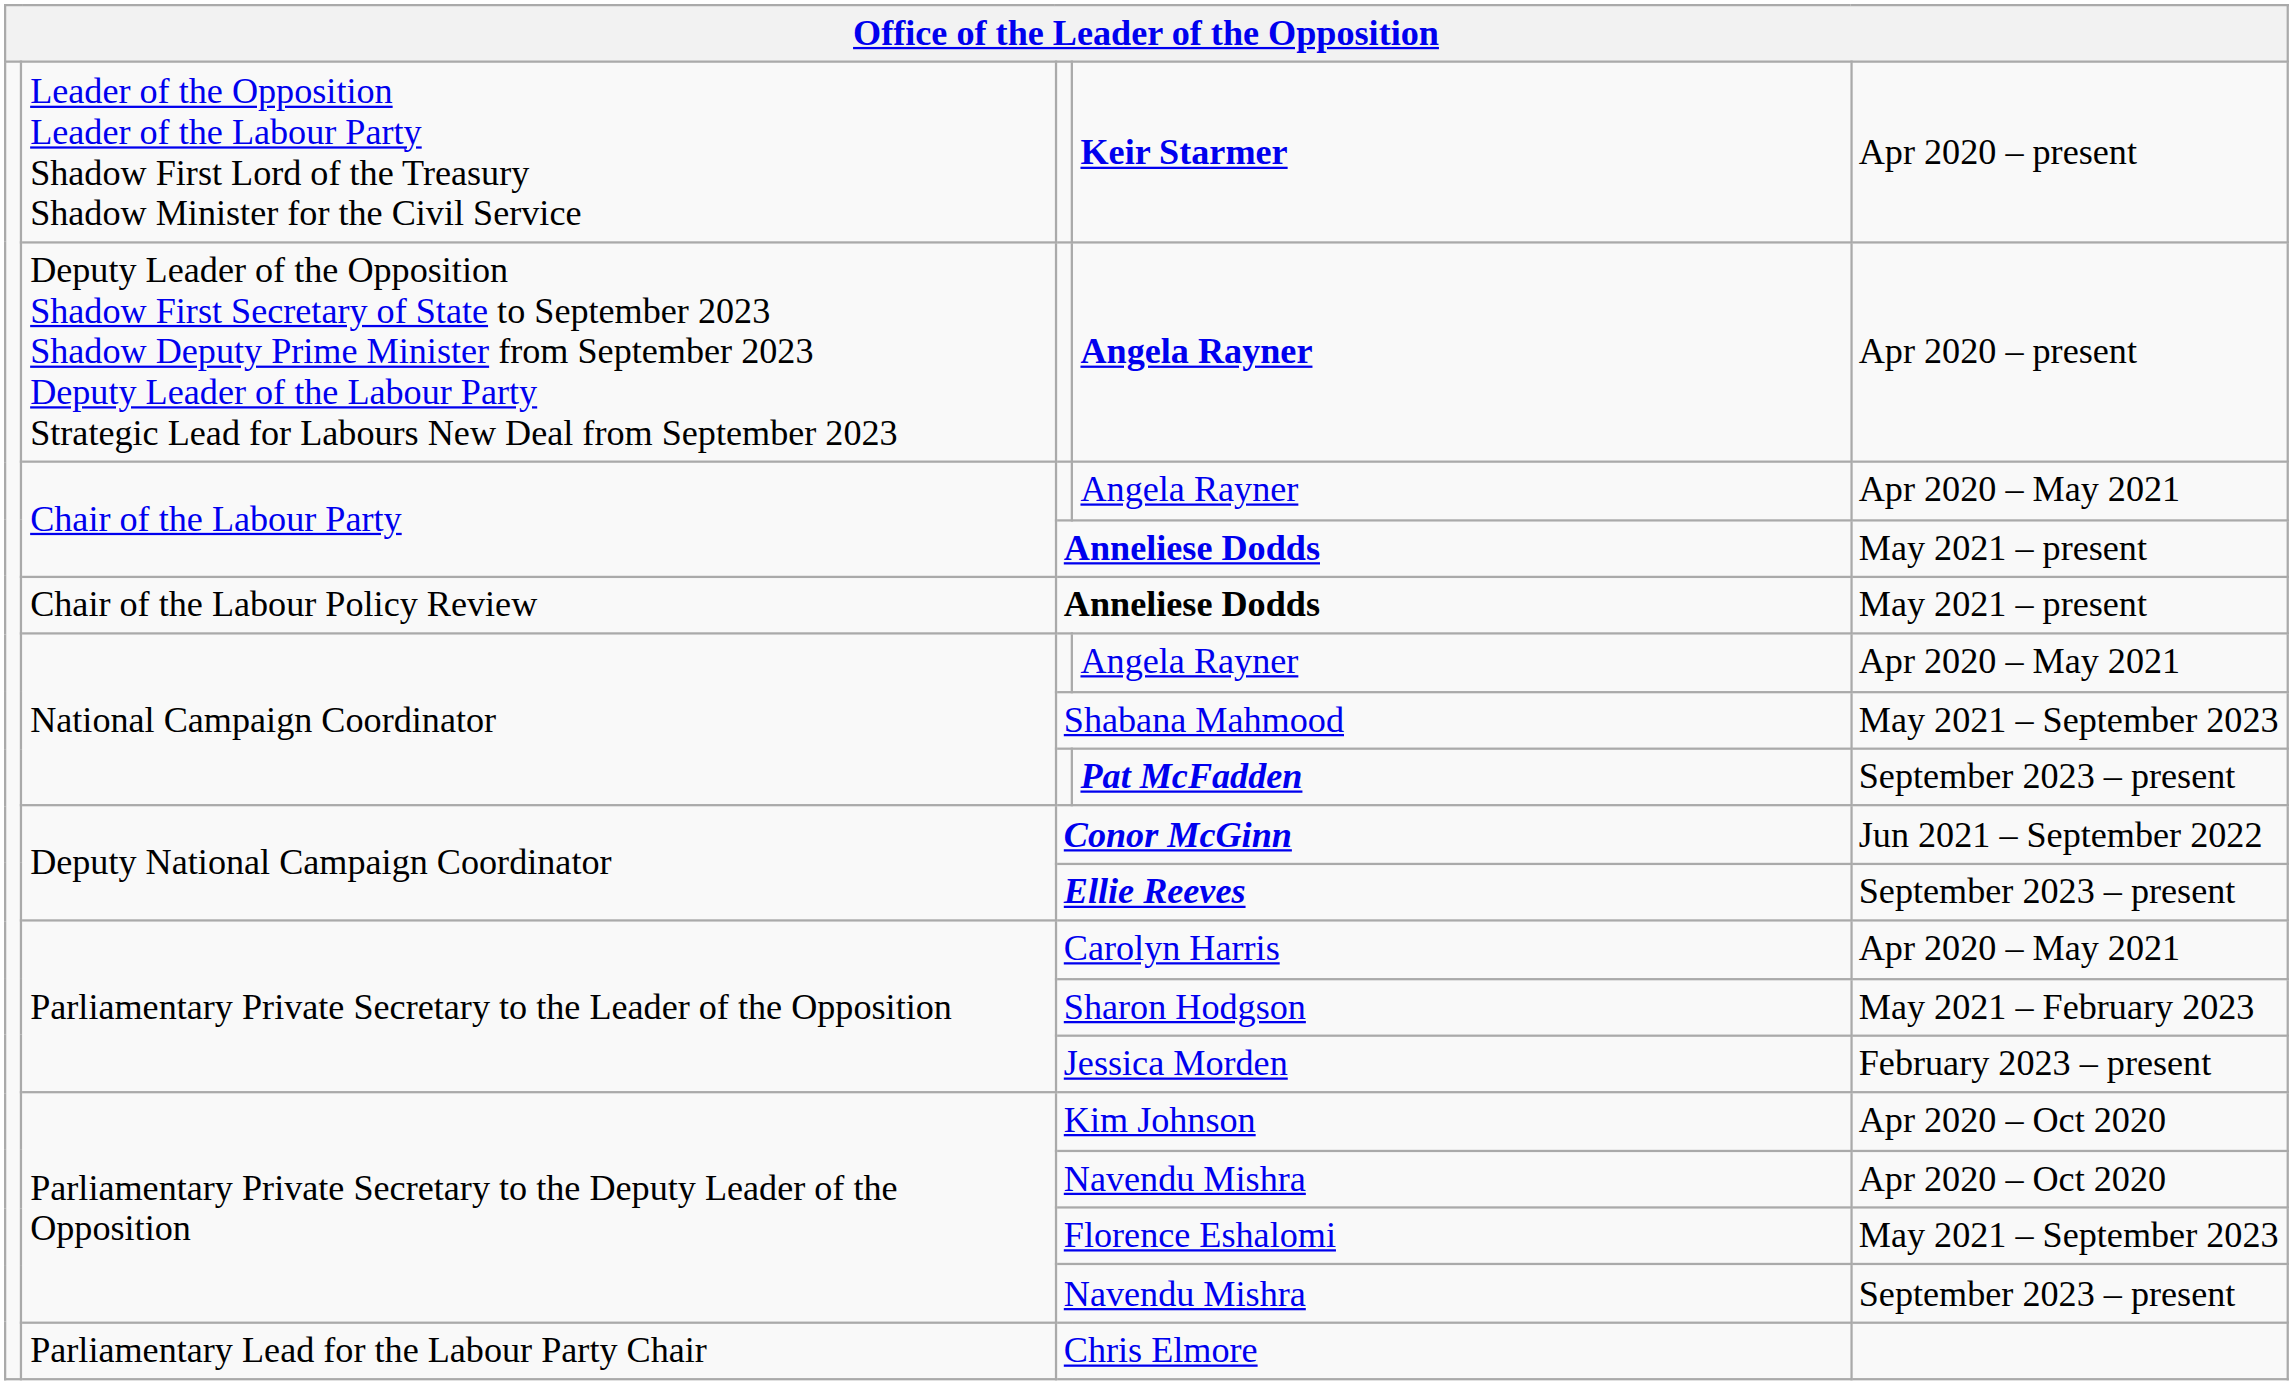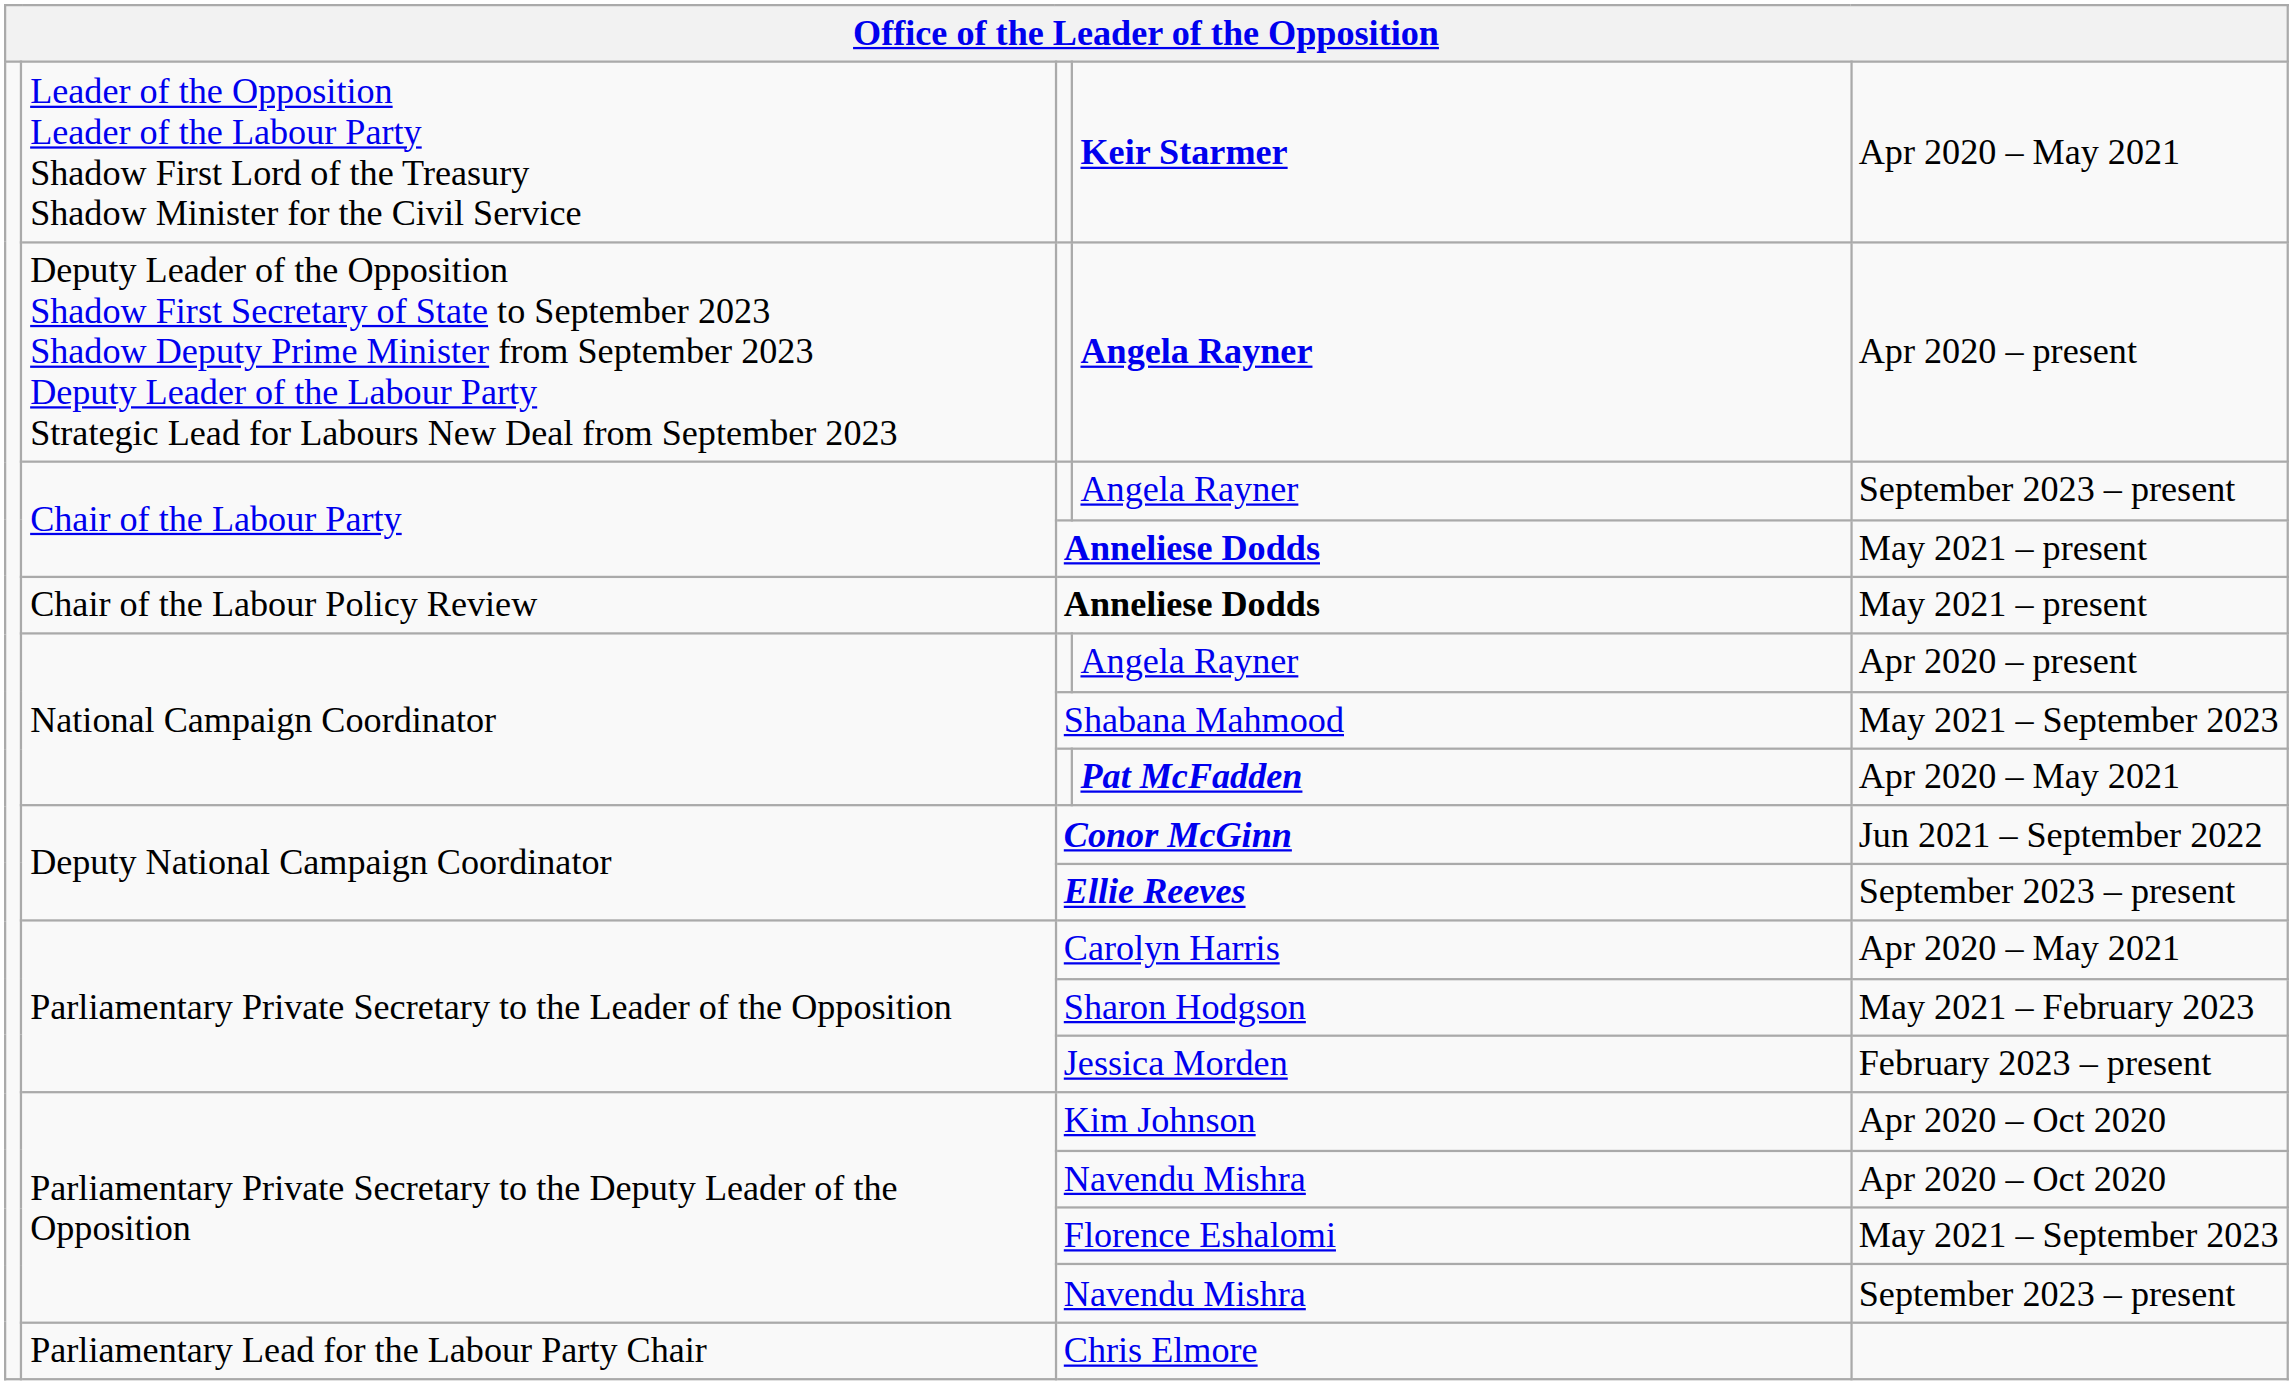 <table class="wikitable">
 <tr>
 <th colspan="5"><a href='#'>Office of the Leader of the Opposition</a></th>
 </tr>
 <tr>
 <td rowspan="18" style="background: "></td>
 <td style="width: 450px;"><a href='#'>Leader of the Opposition</a><br><a href='#'>Leader of the Labour Party</a><br>Shadow First Lord of the Treasury<br> Shadow Minister for the Civil Service</td>
 <td style="background: "></td>
 <td style="width: 337px;"><strong><a href='#'>Keir Starmer</a></strong></td>
-<td>Apr 2020 – present</td>
+<td>Apr 2020 – May 2021</td>
 </tr>
 <tr>
 <td>Deputy Leader of the Opposition<br><a href='#'>Shadow First Secretary of State</a> to September 2023<br><a href='#'>Shadow Deputy Prime Minister</a> from September 2023<br><a href='#'>Deputy Leader of the Labour Party</a><br>Strategic Lead for Labours New Deal from September 2023</td>
 <td style="background: "></td>
 <td style="width: 337px;"><strong><a href='#'>Angela Rayner</a></strong></td>
 <td>Apr 2020 – present</td>
 </tr>
 <tr>
 <td rowspan="2"><a href='#'>Chair of the Labour Party</a></td>
 <td style="background: "></td>
 <td style="width: 337px;"><a href='#'>Angela Rayner</a></td>
-<td>Apr 2020 – May 2021</td>
+<td>September 2023 – present</td>
 </tr>
 <tr>
 <td colspan="2"><strong><a href='#'>Anneliese Dodds</a></strong></td>
 <td>May 2021 – present</td>
 </tr>
 <tr>
 <td>Chair of the Labour Policy Review</td>
 <td colspan="2"><strong>Anneliese Dodds</strong></td>
 <td>May 2021 – present</td>
 </tr>
 <tr>
 <td rowspan="3">National Campaign Coordinator</td>
 <td style="background: "></td>
 <td><a href='#'>Angela Rayner</a></td>
-<td>Apr 2020 – May 2021</td>
+<td>Apr 2020 – present</td>
 </tr>
 <tr>
 <td colspan="2"><a href='#'>Shabana Mahmood</a></td>
 <td>May 2021 – September 2023</td>
 </tr>
 <tr>
 <td style="background: "></td>
 <td><strong><em><a href='#'>Pat McFadden</a></em></strong></td>
-<td>September 2023 – present</td>
+<td>Apr 2020 – May 2021</td>
 </tr>
 <tr>
 <td rowspan="2">Deputy National Campaign Coordinator</td>
 <td colspan="2"><strong><em><a href='#'>Conor McGinn</a></em></strong></td>
 <td>Jun 2021 – September 2022</td>
 </tr>
 <tr>
 <td colspan="2"><strong><em><a href='#'>Ellie Reeves</a></em></strong></td>
 <td>September 2023 – present</td>
 </tr>
 <tr>
 <td rowspan="3">Parliamentary Private Secretary to the Leader of the Opposition</td>
 <td colspan="2"><a href='#'>Carolyn Harris</a></td>
 <td>Apr 2020 – May 2021</td>
 </tr>
 <tr>
 <td colspan="2"><a href='#'>Sharon Hodgson</a></td>
 <td>May 2021 – February 2023</td>
 </tr>
 <tr>
 <td colspan="2"><a href='#'>Jessica Morden</a></td>
 <td>February 2023 – present</td>
 </tr>
 <tr>
 <td rowspan="4">Parliamentary Private Secretary to the Deputy Leader of the Opposition</td>
 <td colspan="2"><a href='#'>Kim Johnson</a></td>
 <td>Apr 2020 – Oct 2020</td>
 </tr>
 <tr>
 <td colspan="2"><a href='#'>Navendu Mishra</a></td>
 <td>Apr 2020 – Oct 2020</td>
 </tr>
 <tr>
 <td colspan="2"><a href='#'>Florence Eshalomi</a></td>
 <td>May 2021 – September 2023</td>
 </tr>
 <tr>
 <td colspan="2"><a href='#'>Navendu Mishra</a></td>
 <td>September 2023 – present</td>
 </tr>
 <tr>
 <td>Parliamentary Lead for the Labour Party Chair</td>
 <td colspan="2"><a href='#'>Chris Elmore</a></td>
 <td></td>
 </tr>
 </table>
